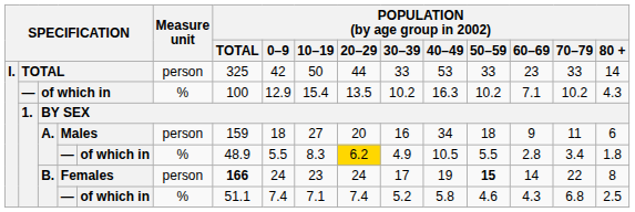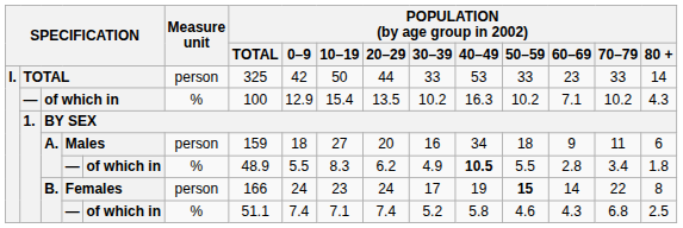 <table class="wikitable" style="font-size:85%; text-align:center">
 <tr>
 <th rowspan="2" colspan="5">SPECIFICATION</th>
 <th rowspan="2">Measure<br> unit</th>
 <th colspan="10" rowspan="1">POPULATION<br> (by age group in 2002)</th>
 </tr>
 <tr>
 <th>TOTAL</th>
 <th>0–9</th>
 <th>10–19</th>
 <th>20–29</th>
 <th>30–39</th>
 <th>40–49</th>
 <th>50–59</th>
 <th>60–69</th>
 <th>70–79</th>
 <th>80 +</th>
 </tr>
 <tr>
 <th style="text-align:left" valign="top" rowspan="7">I.</th>
 <th style="text-align:left" colspan="4">TOTAL</th>
 <td>person</td>
 <td>325</td>
 <td>42</td>
 <td>50</td>
 <td>44</td>
 <td>33</td>
 <td>53</td>
 <td>33</td>
 <td>23</td>
 <td>33</td>
 <td>14</td>
 </tr>
 <tr>
 <th style="text-align:left" valign="top">—</th>
 <th style="text-align:left" colspan="3">of which in</th>
 <td>%</td>
 <td>100</td>
 <td>12.9</td>
 <td>15.4</td>
 <td>13.5</td>
 <td>10.2</td>
 <td>16.3</td>
 <td>10.2</td>
 <td>7.1</td>
 <td>10.2</td>
 <td>4.3</td>
 </tr>
 <tr>
 <th style="text-align:left" valign="top" rowspan="5">1.</th>
 <th style="text-align:left" colspan="14">BY SEX</th>
 </tr>
 <tr>
 <th style="text-align:left" valign="top" rowspan="2">A.</th>
 <th style="text-align:left" colspan="2">Males</th>
 <td>person</td>
 <td>159</td>
 <td>18</td>
 <td>27</td>
 <td>20</td>
 <td>16</td>
 <td>34</td>
 <td>18</td>
 <td>9</td>
 <td>11</td>
 <td>6</td>
 </tr>
 <tr>
 <th style="text-align:left" valign="top">—</th>
 <th style="text-align:left" colspan="1">of which in</th>
 <td>%</td>
 <td>48.9</td>
 <td>5.5</td>
 <td>8.3</td>
-<td style="background: gold;">6.2</td>
+<td>6.2</td>
 <td>4.9</td>
-<td>10.5</td>
+<td><strong>10.5</strong></td>
 <td>5.5</td>
 <td>2.8</td>
 <td>3.4</td>
 <td>1.8</td>
 </tr>
 <tr>
 <th style="text-align:left" valign="top" rowspan="2">B.</th>
 <th style="text-align:left" colspan="2">Females</th>
 <td>person</td>
-<td><strong>166</strong></td>
+<td>166</td>
 <td>24</td>
 <td>23</td>
 <td>24</td>
 <td>17</td>
 <td>19</td>
 <td><strong>15</strong></td>
 <td>14</td>
 <td>22</td>
 <td>8</td>
 </tr>
 <tr>
 <th style="text-align:left" valign="top">—</th>
 <th style="text-align:left" colspan="1">of which in</th>
 <td>%</td>
 <td>51.1</td>
 <td>7.4</td>
 <td>7.1</td>
 <td>7.4</td>
 <td>5.2</td>
 <td>5.8</td>
 <td>4.6</td>
 <td>4.3</td>
 <td>6.8</td>
 <td>2.5</td>
 </tr>
 </table>
